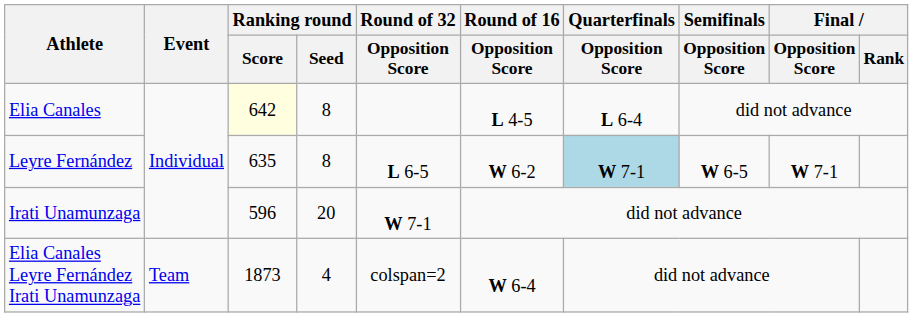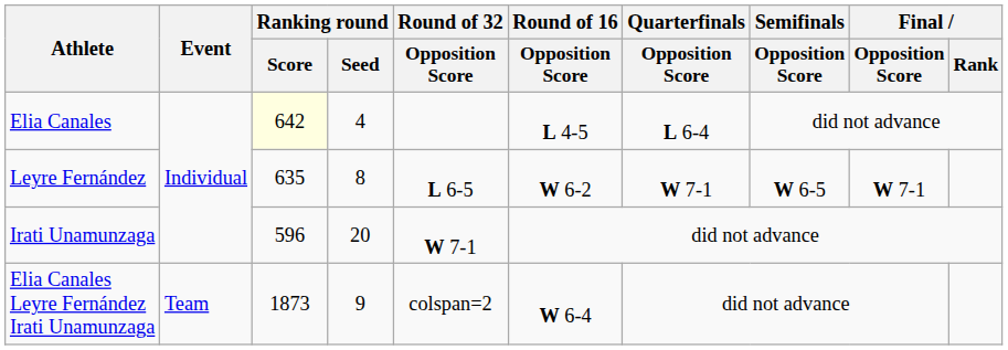 <table class="wikitable" style="font-size:90%">
 <tr>
 <th rowspan=2>Athlete</th>
 <th rowspan=2>Event</th>
 <th colspan=2>Ranking round</th>
 <th>Round of 32</th>
 <th>Round of 16</th>
 <th>Quarterfinals</th>
 <th>Semifinals</th>
 <th colspan=2>Final / </th>
 </tr>
 <tr style="font-size:95%">
 <th>Score</th>
 <th>Seed</th>
 <th>Opposition<br>Score</th>
 <th>Opposition<br>Score</th>
 <th>Opposition<br>Score</th>
 <th>Opposition<br>Score</th>
 <th>Opposition<br>Score</th>
 <th>Rank</th>
 </tr>
 <tr align=center>
 <td align=left><a href='#'>Elia Canales</a></td>
 <td align=left rowspan=3><a href='#'>Individual</a></td>
 <td style="background: lightyellow;">642</td>
-<td>8</td>
+<td>4</td>
 <td></td>
 <td><br><strong>L</strong> 4-5</td>
 <td><br><strong>L</strong> 6-4</td>
 <td colspan=4>did not advance</td>
 </tr>
 <tr align=center>
 <td align=left><a href='#'>Leyre Fernández</a></td>
 <td>635</td>
 <td>8</td>
 <td><br><strong>L</strong> 6-5</td>
 <td><br><strong>W</strong> 6-2</td>
-<td style="background: lightblue;"><br><strong>W</strong> 7-1</td>
+<td><br><strong>W</strong> 7-1</td>
 <td><br><strong>W</strong> 6-5</td>
 <td><br><strong>W</strong> 7-1</td>
 <td></td>
 </tr>
 <tr align=center>
 <td align=left><a href='#'>Irati Unamunzaga</a></td>
 <td>596</td>
 <td>20</td>
 <td><br><strong>W</strong> 7-1</td>
 <td colspan=6>did not advance</td>
 </tr>
 <tr align=center>
 <td align=left><a href='#'>Elia Canales</a><br><a href='#'>Leyre Fernández</a><br><a href='#'>Irati Unamunzaga</a></td>
 <td align=left><a href='#'>Team</a></td>
 <td>1873</td>
-<td>4</td>
+<td>9</td>
 <td>colspan=2 </td>
 <td><br><strong>W</strong> 6-4</td>
 <td colspan=3>did not advance</td>
 </tr>
 </table>
